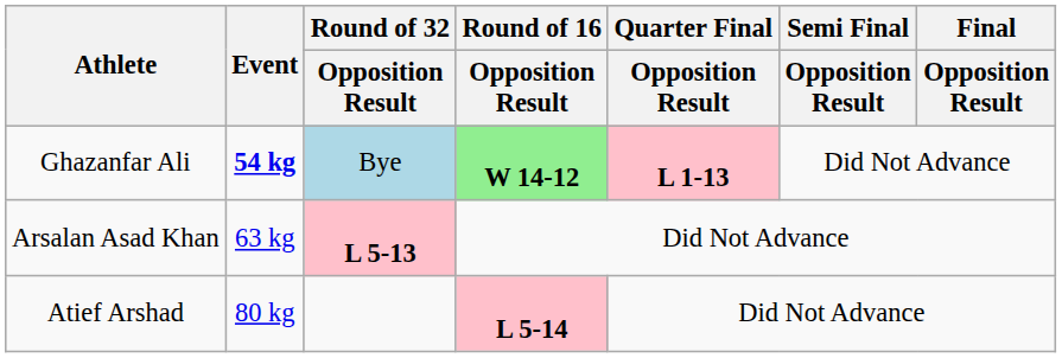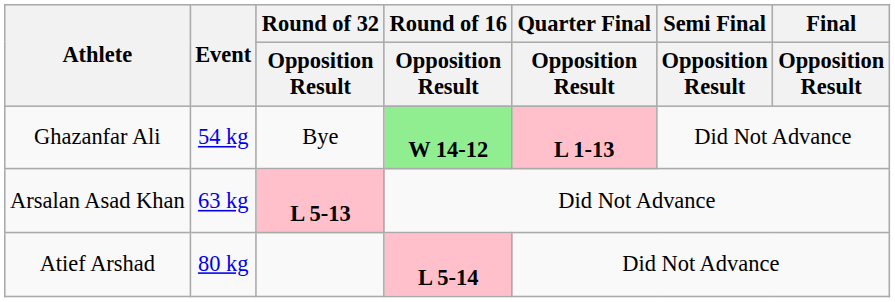 <table class=wikitable style="text-align:center; font-size:90%">
 <tr>
 <th rowspan=2>Athlete</th>
 <th rowspan=2>Event</th>
 <th>Round of 32</th>
 <th>Round of 16</th>
 <th>Quarter Final</th>
 <th>Semi Final</th>
 <th>Final</th>
 </tr>
 <tr>
 <th>Opposition<br>Result</th>
 <th>Opposition<br>Result</th>
 <th>Opposition<br>Result</th>
 <th>Opposition<br>Result</th>
 <th>Opposition<br>Result</th>
 </tr>
 <tr>
 <td>Ghazanfar Ali</td>
-<td><strong><a href='#'>54 kg</a></strong></td>
-<td style="background: lightblue;">Bye</td>
+<td><a href='#'>54 kg</a></td>
+<td>Bye</td>
 <td style="text-align:center; background:lightgreen;"><br><strong>W 14-12</strong></td>
 <td style="text-align:center; background:pink;"><br><strong>L 1-13</strong></td>
 <td colspan="2">Did Not Advance</td>
 </tr>
 <tr>
 <td>Arsalan Asad Khan</td>
 <td><a href='#'>63 kg</a></td>
 <td style="text-align:center; background:pink;"><br><strong>L 5-13</strong></td>
 <td colspan="4">Did Not Advance</td>
 </tr>
 <tr>
 <td>Atief Arshad</td>
 <td><a href='#'>80 kg</a></td>
 <td></td>
 <td style="text-align:center; background:pink;"><br><strong>L 5-14</strong></td>
 <td colspan="3">Did Not Advance</td>
 </tr>
 </table>
